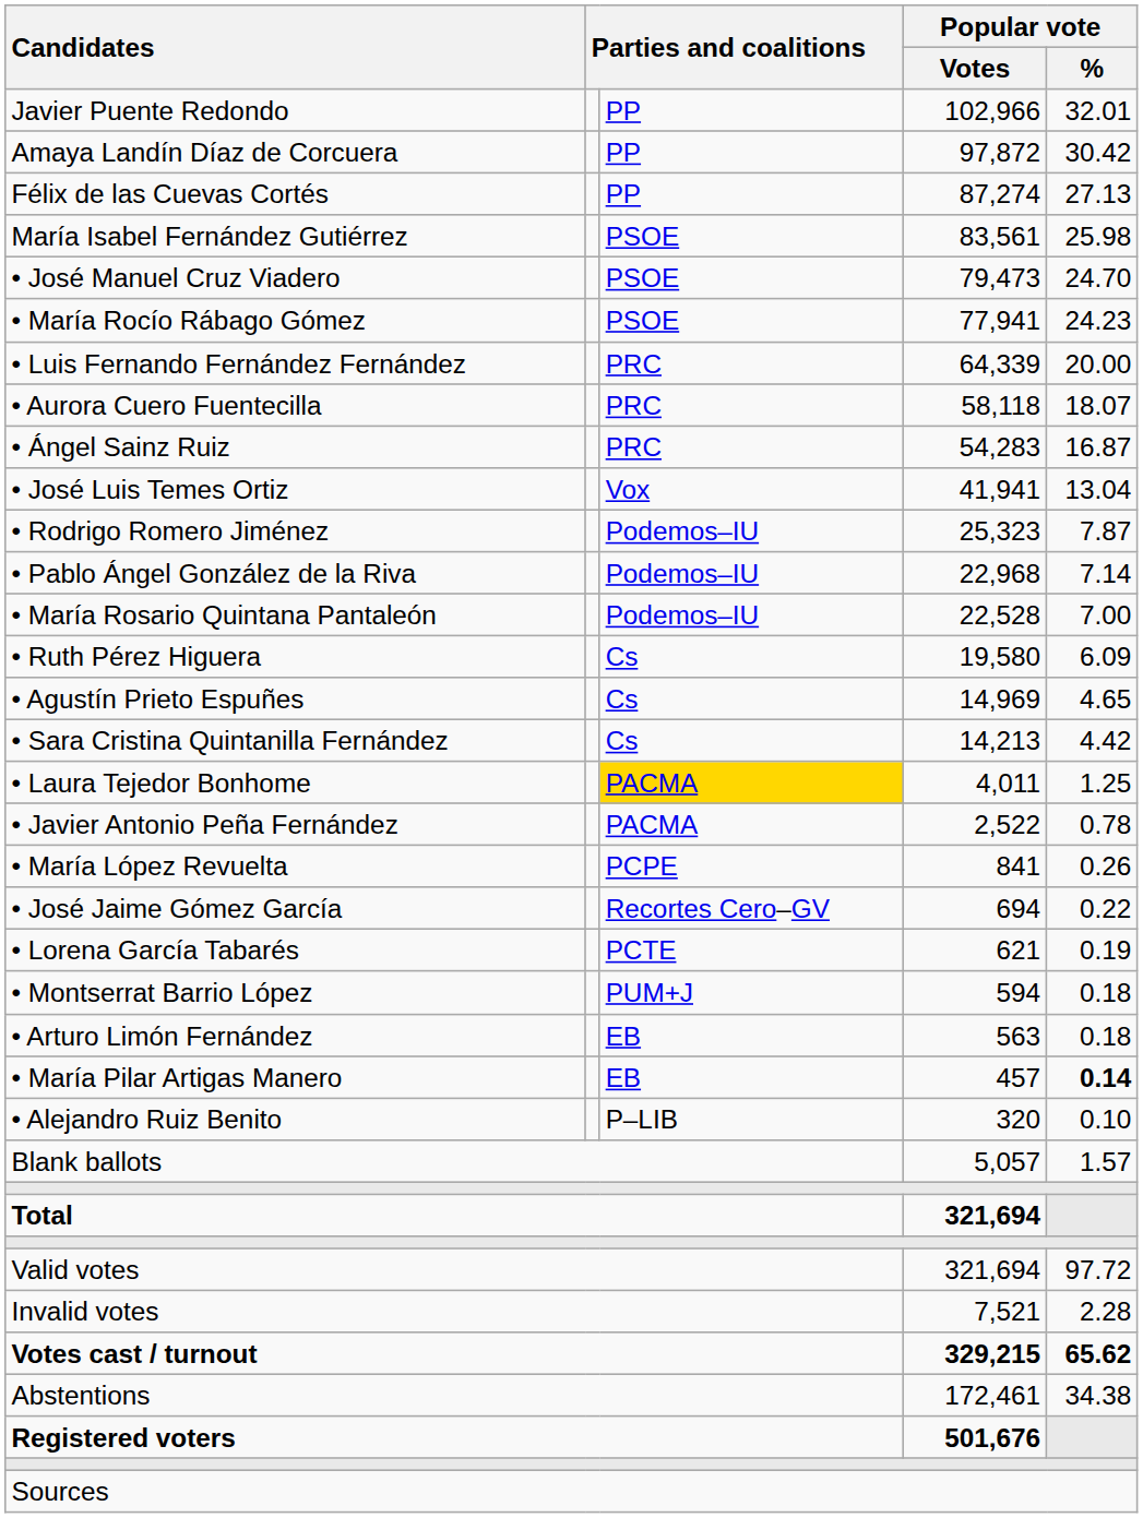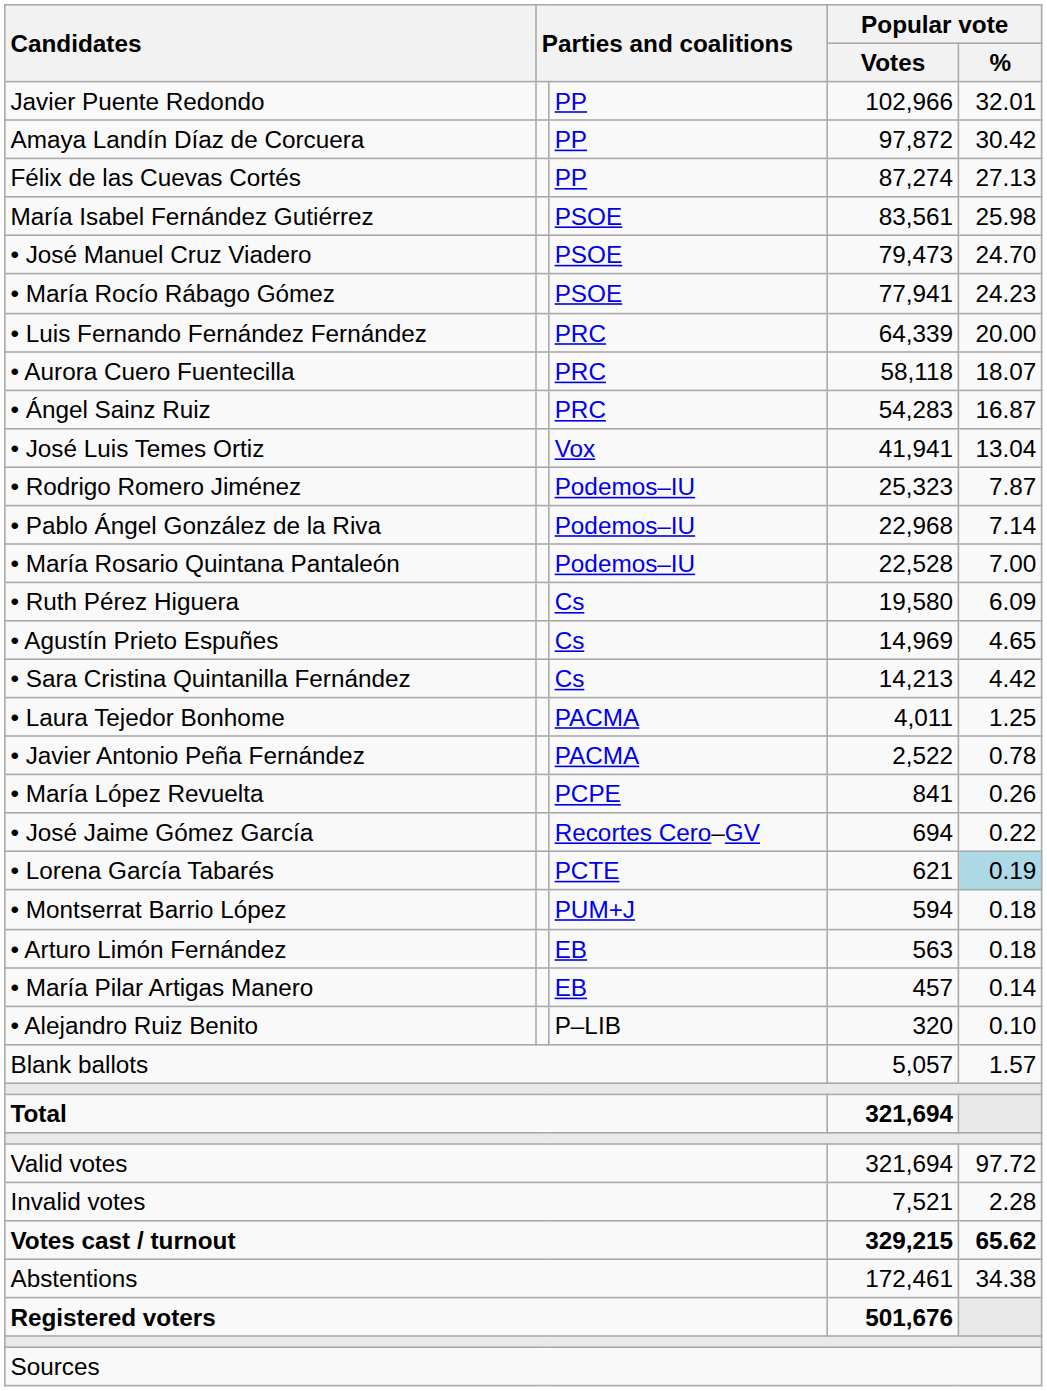 <table class="wikitable" style="text-align:right; font-size:95%;">
 <tr>
 <th style="text-align:left;" rowspan="2" width="325">Candidates</th>
 <th style="text-align:left;" rowspan="2" colspan="2" width="175">Parties and coalitions</th>
 <th colspan="2">Popular vote</th>
 </tr>
 <tr>
 <th width="75">Votes</th>
 <th width="45">%</th>
 </tr>
 <tr>
 <td align="left"> Javier Puente Redondo</td>
 <td width="1" style="color:inherit;background:"></td>
 <td align="left"><a href='#'>PP</a></td>
 <td>102,966</td>
 <td>32.01</td>
 </tr>
 <tr>
 <td align="left"> Amaya Landín Díaz de Corcuera</td>
 <td style="color:inherit;background:"></td>
 <td align="left"><a href='#'>PP</a></td>
 <td>97,872</td>
 <td>30.42</td>
 </tr>
 <tr>
 <td align="left"> Félix de las Cuevas Cortés</td>
 <td style="color:inherit;background:"></td>
 <td align="left"><a href='#'>PP</a></td>
 <td>87,274</td>
 <td>27.13</td>
 </tr>
 <tr>
 <td align="left"> María Isabel Fernández Gutiérrez</td>
 <td style="color:inherit;background:"></td>
 <td align="left"><a href='#'>PSOE</a></td>
 <td>83,561</td>
 <td>25.98</td>
 </tr>
 <tr>
 <td align="left">• José Manuel Cruz Viadero</td>
 <td style="color:inherit;background:"></td>
 <td align="left"><a href='#'>PSOE</a></td>
 <td>79,473</td>
 <td>24.70</td>
 </tr>
 <tr>
 <td align="left">• María Rocío Rábago Gómez</td>
 <td style="color:inherit;background:"></td>
 <td align="left"><a href='#'>PSOE</a></td>
 <td>77,941</td>
 <td>24.23</td>
 </tr>
 <tr>
 <td align="left">• Luis Fernando Fernández Fernández</td>
 <td style="color:inherit;background:"></td>
 <td align="left"><a href='#'>PRC</a></td>
 <td>64,339</td>
 <td>20.00</td>
 </tr>
 <tr>
 <td align="left">• Aurora Cuero Fuentecilla</td>
 <td style="color:inherit;background:"></td>
 <td align="left"><a href='#'>PRC</a></td>
 <td>58,118</td>
 <td>18.07</td>
 </tr>
 <tr>
 <td align="left">• Ángel Sainz Ruiz</td>
 <td style="color:inherit;background:"></td>
 <td align="left"><a href='#'>PRC</a></td>
 <td>54,283</td>
 <td>16.87</td>
 </tr>
 <tr>
 <td align="left">• José Luis Temes Ortiz</td>
 <td style="color:inherit;background:"></td>
 <td align="left"><a href='#'>Vox</a></td>
 <td>41,941</td>
 <td>13.04</td>
 </tr>
 <tr>
 <td align="left">• Rodrigo Romero Jiménez</td>
 <td style="color:inherit;background:"></td>
 <td align="left"><a href='#'>Podemos–IU</a></td>
 <td>25,323</td>
 <td>7.87</td>
 </tr>
 <tr>
 <td align="left">• Pablo Ángel González de la Riva</td>
 <td style="color:inherit;background:"></td>
 <td align="left"><a href='#'>Podemos–IU</a></td>
 <td>22,968</td>
 <td>7.14</td>
 </tr>
 <tr>
 <td align="left">• María Rosario Quintana Pantaleón</td>
 <td style="color:inherit;background:"></td>
 <td align="left"><a href='#'>Podemos–IU</a></td>
 <td>22,528</td>
 <td>7.00</td>
 </tr>
 <tr>
 <td align="left">• Ruth Pérez Higuera</td>
 <td style="color:inherit;background:"></td>
 <td align="left"><a href='#'>Cs</a></td>
 <td>19,580</td>
 <td>6.09</td>
 </tr>
 <tr>
 <td align="left">• Agustín Prieto Espuñes</td>
 <td style="color:inherit;background:"></td>
 <td align="left"><a href='#'>Cs</a></td>
 <td>14,969</td>
 <td>4.65</td>
 </tr>
 <tr>
 <td align="left">• Sara Cristina Quintanilla Fernández</td>
 <td style="color:inherit;background:"></td>
 <td align="left"><a href='#'>Cs</a></td>
 <td>14,213</td>
 <td>4.42</td>
 </tr>
 <tr>
 <td align="left">• Laura Tejedor Bonhome</td>
 <td style="color:inherit;background:"></td>
-<td align="left" style="background: gold;"><a href='#'>PACMA</a></td>
+<td align="left"><a href='#'>PACMA</a></td>
 <td>4,011</td>
 <td>1.25</td>
 </tr>
 <tr>
 <td align="left">• Javier Antonio Peña Fernández</td>
 <td style="color:inherit;background:"></td>
 <td align="left"><a href='#'>PACMA</a></td>
 <td>2,522</td>
 <td>0.78</td>
 </tr>
 <tr>
 <td align="left">• María López Revuelta</td>
 <td style="color:inherit;background:"></td>
 <td align="left"><a href='#'>PCPE</a></td>
 <td>841</td>
 <td>0.26</td>
 </tr>
 <tr>
 <td align="left">• José Jaime Gómez García</td>
 <td style="color:inherit;background:"></td>
 <td align="left"><a href='#'>Recortes Cero</a>–<a href='#'>GV</a></td>
 <td>694</td>
 <td>0.22</td>
 </tr>
 <tr>
 <td align="left">• Lorena García Tabarés</td>
 <td style="color:inherit;background:"></td>
 <td align="left"><a href='#'>PCTE</a></td>
 <td>621</td>
-<td>0.19</td>
+<td style="background: lightblue;">0.19</td>
 </tr>
 <tr>
 <td align="left">• Montserrat Barrio López</td>
 <td style="color:inherit;background:"></td>
 <td align="left"><a href='#'>PUM+J</a></td>
 <td>594</td>
 <td>0.18</td>
 </tr>
 <tr>
 <td align="left">• Arturo Limón Fernández</td>
 <td style="color:inherit;background:"></td>
 <td align="left"><a href='#'>EB</a></td>
 <td>563</td>
 <td>0.18</td>
 </tr>
 <tr>
 <td align="left">• María Pilar Artigas Manero</td>
 <td style="color:inherit;background:"></td>
 <td align="left"><a href='#'>EB</a></td>
 <td>457</td>
-<td><strong>0.14</strong></td>
+<td>0.14</td>
 </tr>
 <tr>
 <td align="left">• Alejandro Ruiz Benito</td>
 <td style="color:inherit;background:"></td>
 <td align="left">P–LIB</td>
 <td>320</td>
 <td>0.10</td>
 </tr>
 <tr>
 <td align="left" colspan="3">Blank ballots</td>
 <td>5,057</td>
 <td>1.57</td>
 </tr>
 <tr>
 <td colspan="5" bgcolor="#E9E9E9"></td>
 </tr>
 <tr style="font-weight:bold;">
 <td align="left" colspan="3">Total</td>
 <td>321,694</td>
 <td bgcolor="#E9E9E9"></td>
 </tr>
 <tr>
 <td colspan="5" bgcolor="#E9E9E9"></td>
 </tr>
 <tr>
 <td align="left" colspan="3">Valid votes</td>
 <td>321,694</td>
 <td>97.72</td>
 </tr>
 <tr>
 <td align="left" colspan="3">Invalid votes</td>
 <td>7,521</td>
 <td>2.28</td>
 </tr>
 <tr style="font-weight:bold;">
 <td align="left" colspan="3">Votes cast / turnout</td>
 <td>329,215</td>
 <td>65.62</td>
 </tr>
 <tr>
 <td align="left" colspan="3">Abstentions</td>
 <td>172,461</td>
 <td>34.38</td>
 </tr>
 <tr style="font-weight:bold;">
 <td align="left" colspan="3">Registered voters</td>
 <td>501,676</td>
 <td bgcolor="#E9E9E9"></td>
 </tr>
 <tr>
 <td colspan="5" bgcolor="#E9E9E9"></td>
 </tr>
 <tr>
 <td align="left" colspan="5">Sources</td>
 </tr>
 </table>
